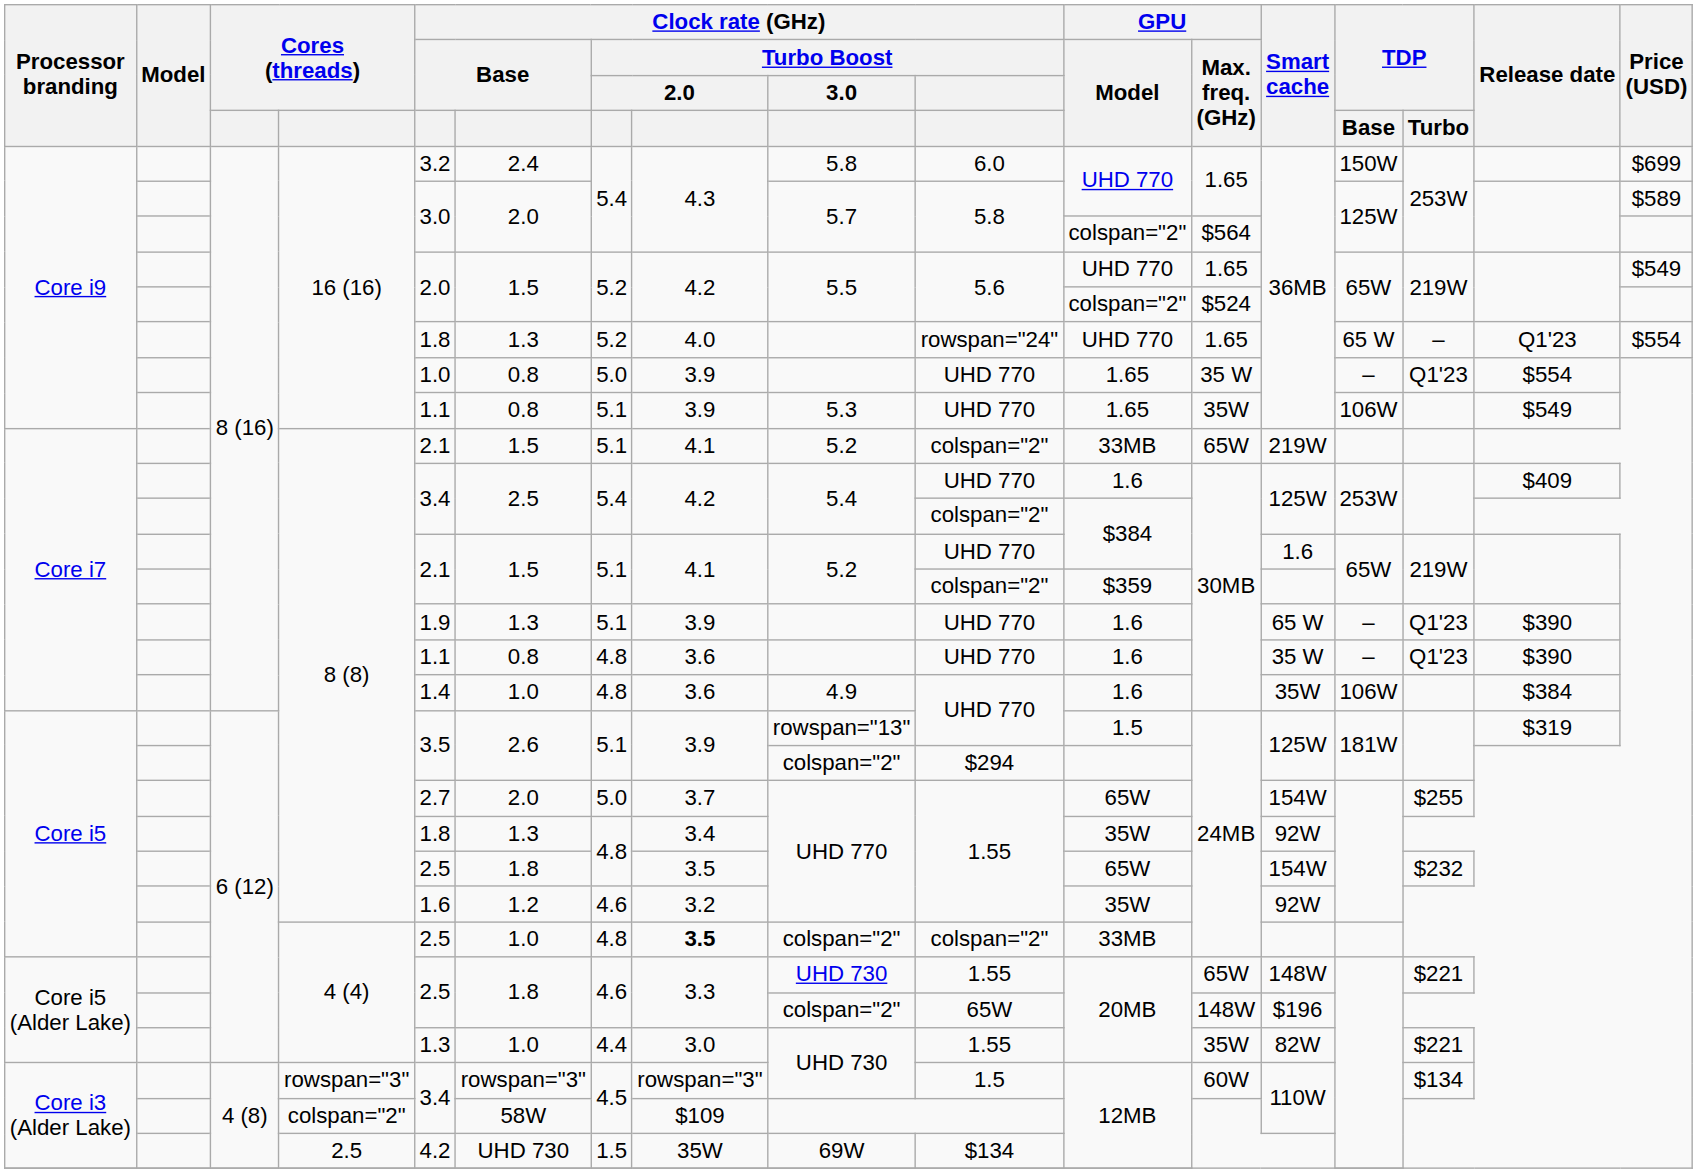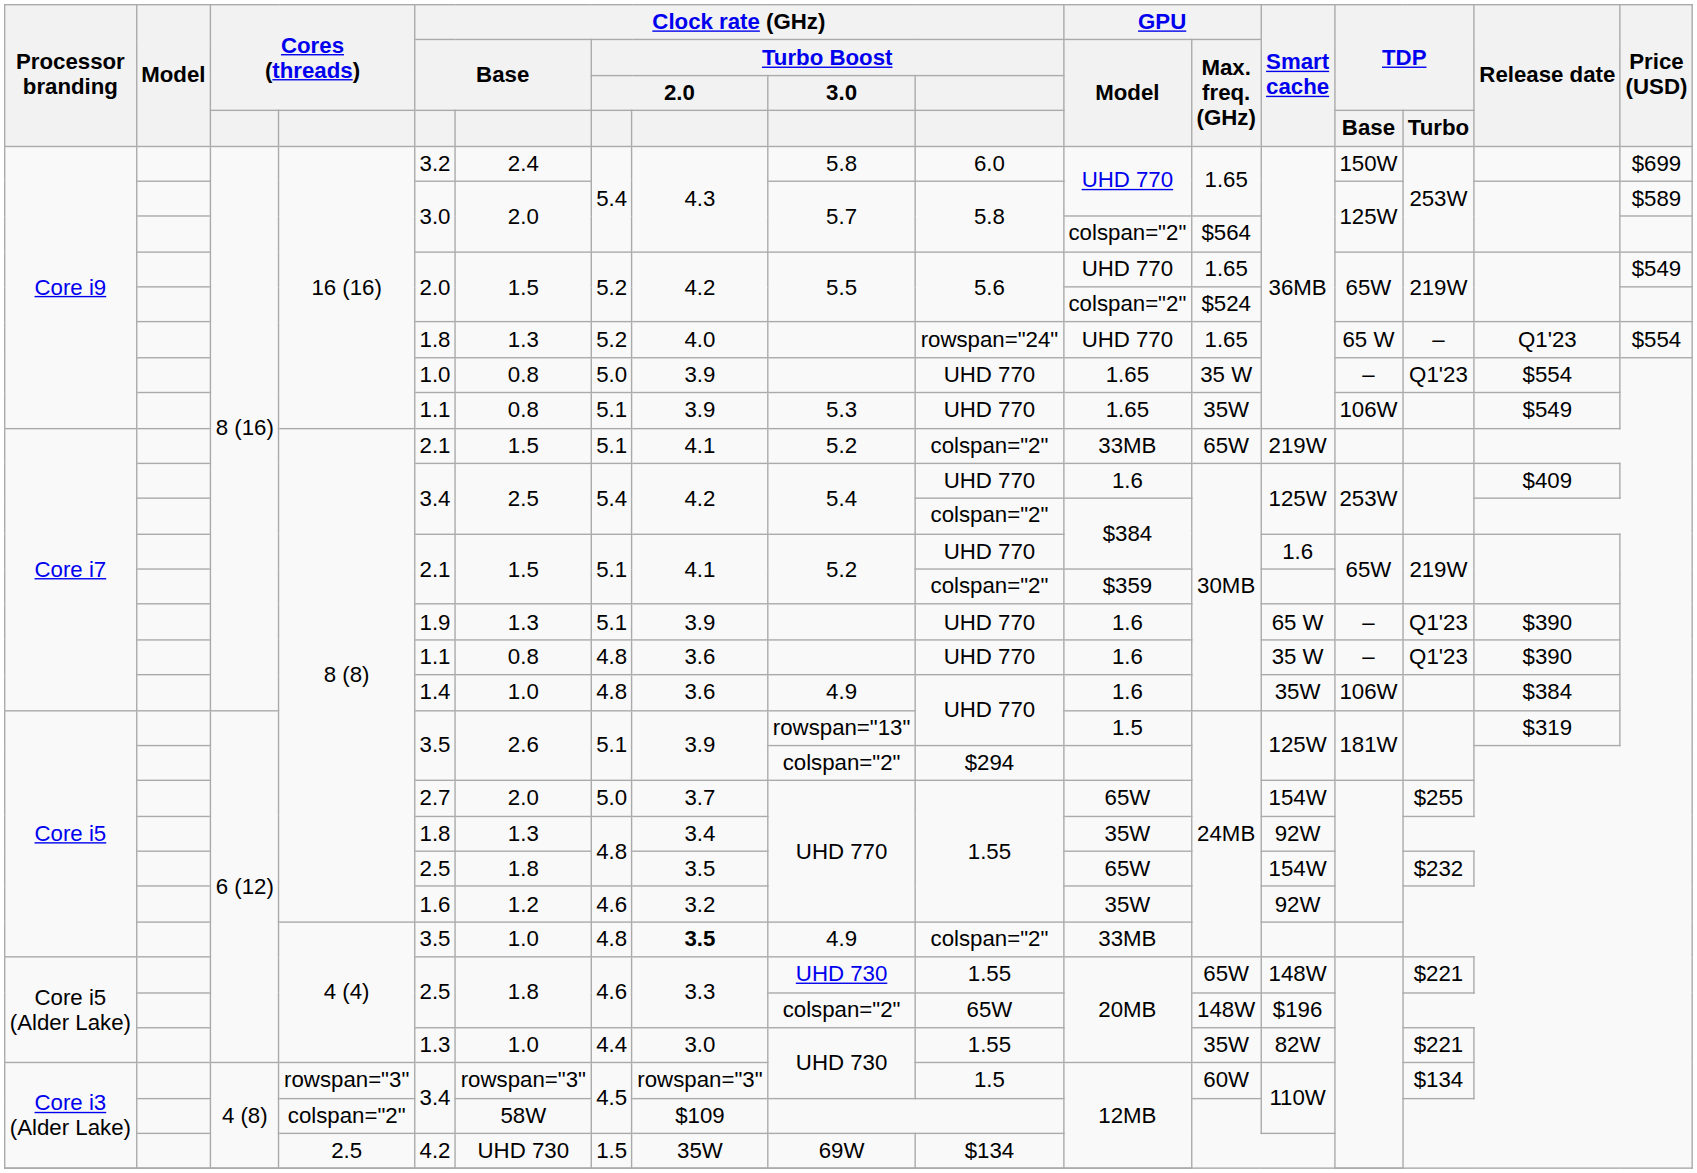 <table class="wikitable sortable" style="text-align:center;">
 <tr>
 <th rowspan="4">Processor<br>branding</th>
 <th rowspan="4">Model</th>
 <th rowspan="3" colspan="2"><a href='#'>Cores</a><br>(<a href='#'>threads</a>)</th>
 <th colspan="6"><a href='#'>Clock rate</a> (GHz)</th>
 <th colspan="2"><a href='#'>GPU</a></th>
 <th rowspan="4"><a href='#'>Smart<br>cache</a></th>
 <th colspan="2" rowspan="3"><a href='#'>TDP</a></th>
 <th rowspan="4">Release date</th>
 <th rowspan="4">Price <br>(USD)</th>
 </tr>
 <tr>
 <th rowspan="2" colspan="2">Base</th>
 <th colspan="4"><a href='#'>Turbo Boost</a></th>
 <th rowspan="3">Model</th>
 <th rowspan="3">Max. <br>freq. <br>(GHz)</th>
 </tr>
 <tr>
 <th colspan="2">2.0</th>
 <th>3.0</th>
 <th></th>
 </tr>
 <tr>
 <th></th>
 <th></th>
 <th></th>
 <th></th>
 <th></th>
 <th></th>
 <th></th>
 <th></th>
 <th>Base</th>
 <th>Turbo</th>
 </tr>
 <tr>
 <td rowspan="8"><a href='#'>Core i9</a></td>
 <td><strong></strong></td>
 <td rowspan="16">8 (16)</td>
 <td rowspan="8">16 (16)</td>
 <td>3.2</td>
 <td>2.4</td>
 <td rowspan="3">5.4</td>
 <td rowspan="3">4.3</td>
 <td>5.8</td>
 <td>6.0</td>
 <td rowspan="2"><a href='#'>UHD 770</a></td>
 <td rowspan="2">1.65</td>
 <td rowspan="8">36MB</td>
 <td>150W</td>
 <td rowspan="3">253W</td>
 <td></td>
 <td>$699</td>
 </tr>
 <tr>
 <td><strong></strong></td>
 <td rowspan="2">3.0</td>
 <td rowspan="2">2.0</td>
 <td rowspan="2">5.7</td>
 <td rowspan="2">5.8</td>
 <td rowspan="2">125W</td>
 <td rowspan="2"></td>
 <td>$589</td>
 </tr>
 <tr>
 <td></td>
 <td>colspan="2" </td>
 <td>$564</td>
 </tr>
 <tr>
 <td><strong></strong></td>
 <td rowspan="2">2.0</td>
 <td rowspan="2">1.5</td>
 <td rowspan="2">5.2</td>
 <td rowspan="2">4.2</td>
 <td rowspan="2">5.5</td>
 <td rowspan="2">5.6</td>
 <td>UHD 770</td>
 <td>1.65</td>
 <td rowspan="2">65W</td>
 <td rowspan="2">219W</td>
 <td rowspan="2"></td>
 <td>$549</td>
 </tr>
 <tr>
 <td></td>
 <td>colspan="2" </td>
 <td>$524</td>
 </tr>
 <tr>
 <td></td>
 <td>1.8</td>
 <td>1.3</td>
 <td>5.2</td>
 <td>4.0</td>
 <td></td>
 <td>rowspan="24" </td>
 <td>UHD 770</td>
 <td>1.65</td>
 <td>65 W</td>
 <td>–</td>
 <td>Q1'23</td>
 <td>$554</td>
 </tr>
 <tr>
 <td></td>
 <td>1.0</td>
 <td>0.8</td>
 <td>5.0</td>
 <td>3.9</td>
 <td></td>
 <td>UHD 770</td>
 <td>1.65</td>
 <td>35 W</td>
 <td>–</td>
 <td>Q1'23</td>
 <td>$554</td>
 </tr>
 <tr>
 <td><strong></strong></td>
 <td>1.1</td>
 <td>0.8</td>
 <td>5.1</td>
 <td>3.9</td>
 <td>5.3</td>
 <td>UHD 770</td>
 <td>1.65</td>
 <td>35W</td>
 <td>106W</td>
 <td></td>
 <td>$549</td>
 </tr>
 <tr>
 <td rowspan="8"><a href='#'>Core i7</a></td>
 <td></td>
 <td rowspan="14">8 (8)</td>
 <td>2.1</td>
 <td>1.5</td>
 <td>5.1</td>
 <td>4.1</td>
 <td>5.2</td>
 <td>colspan="2" </td>
 <td>33MB</td>
 <td>65W</td>
 <td>219W</td>
 <td></td>
 <td style="line-height:110%"></td>
 </tr>
 <tr>
 <td><strong></strong></td>
 <td rowspan="2">3.4</td>
 <td rowspan="2">2.5</td>
 <td rowspan="2">5.4</td>
 <td rowspan="2">4.2</td>
 <td rowspan="2">5.4</td>
 <td>UHD 770</td>
 <td>1.6</td>
 <td rowspan="7">30MB</td>
 <td rowspan="2">125W</td>
 <td rowspan="2">253W</td>
 <td rowspan="2"></td>
 <td>$409</td>
 </tr>
 <tr>
 <td></td>
 <td>colspan="2" </td>
 <td rowspan="2">$384</td>
 </tr>
 <tr>
 <td><strong></strong></td>
 <td rowspan="2">2.1</td>
 <td rowspan="2">1.5</td>
 <td rowspan="2">5.1</td>
 <td rowspan="2">4.1</td>
 <td rowspan="2">5.2</td>
 <td>UHD 770</td>
 <td>1.6</td>
 <td rowspan="2">65W</td>
 <td rowspan="2">219W</td>
 <td rowspan="2"></td>
 </tr>
 <tr>
 <td></td>
 <td>colspan="2" </td>
 <td>$359</td>
 </tr>
 <tr>
 <td><strong></strong></td>
 <td>1.9</td>
 <td>1.3</td>
 <td>5.1</td>
 <td>3.9</td>
 <td></td>
 <td>UHD 770</td>
 <td>1.6</td>
 <td>65 W</td>
 <td>–</td>
 <td>Q1'23</td>
 <td>$390</td>
 </tr>
 <tr>
 <td><strong></strong></td>
 <td>1.1</td>
 <td>0.8</td>
 <td>4.8</td>
 <td>3.6</td>
 <td></td>
 <td>UHD 770</td>
 <td>1.6</td>
 <td>35 W</td>
 <td>–</td>
 <td>Q1'23</td>
 <td>$390</td>
 </tr>
 <tr>
 <td><strong></strong></td>
 <td>1.4</td>
 <td>1.0</td>
 <td>4.8</td>
 <td>3.6</td>
 <td>4.9</td>
 <td rowspan="2">UHD 770</td>
 <td>1.6</td>
 <td>35W</td>
 <td>106W</td>
 <td></td>
 <td>$384</td>
 </tr>
 <tr>
 <td rowspan="7"><a href='#'>Core i5</a></td>
 <td><strong></strong></td>
 <td rowspan="10">6 (12)</td>
 <td rowspan="2">3.5</td>
 <td rowspan="2">2.6</td>
 <td rowspan="2">5.1</td>
 <td rowspan="2">3.9</td>
 <td>rowspan="13" </td>
 <td>1.5</td>
 <td rowspan="7">24MB</td>
 <td rowspan="2">125W</td>
 <td rowspan="2">181W</td>
 <td rowspan="2"></td>
 <td>$319</td>
 </tr>
 <tr>
 <td></td>
 <td>colspan="2" </td>
 <td>$294</td>
 </tr>
 <tr>
 <td><strong></strong></td>
 <td>2.7</td>
 <td>2.0</td>
 <td>5.0</td>
 <td>3.7</td>
 <td rowspan="4">UHD 770</td>
 <td rowspan="4">1.55</td>
 <td>65W</td>
 <td>154W</td>
 <td rowspan="4"></td>
 <td>$255</td>
 </tr>
 <tr>
 <td><strong></strong></td>
 <td>1.8</td>
 <td>1.3</td>
 <td rowspan="2">4.8</td>
 <td>3.4</td>
 <td>35W</td>
 <td>92W</td>
 </tr>
 <tr>
 <td><strong></strong></td>
 <td>2.5</td>
 <td>1.8</td>
 <td>3.5</td>
 <td>65W</td>
 <td>154W</td>
 <td>$232</td>
 </tr>
 <tr>
 <td><strong></strong></td>
 <td>1.6</td>
 <td>1.2</td>
 <td>4.6</td>
 <td>3.2</td>
 <td>35W</td>
 <td>92W</td>
 </tr>
 <tr>
 <td><strong></strong></td>
 <td rowspan="4">4 (4)</td>
-<td>2.5</td>
+<td>3.5</td>
 <td>1.0</td>
 <td>4.8</td>
 <td><strong>3.5</strong></td>
-<td>colspan="2" </td>
+<td>4.9</td>
 <td>colspan="2" </td>
 <td>33MB</td>
 <td></td>
 <td style="line-height:100%"></td>
 </tr>
 <tr>
 <td rowspan="3">Core i5<br>(Alder Lake)</td>
 <td></td>
 <td rowspan="2">2.5</td>
 <td rowspan="2">1.8</td>
 <td rowspan="2">4.6</td>
 <td rowspan="2">3.3</td>
 <td><a href='#'>UHD 730</a></td>
 <td>1.55</td>
 <td rowspan="3">20MB</td>
 <td>65W</td>
 <td>148W</td>
 <td rowspan="6"></td>
 <td>$221</td>
 </tr>
 <tr>
 <td></td>
 <td>colspan="2" </td>
 <td>65W</td>
 <td>148W</td>
 <td>$196</td>
 </tr>
 <tr>
 <td></td>
 <td>1.3</td>
 <td>1.0</td>
 <td>4.4</td>
 <td>3.0</td>
 <td rowspan="2">UHD 730</td>
 <td>1.55</td>
 <td>35W</td>
 <td>82W</td>
 <td>$221</td>
 </tr>
 <tr>
 <td rowspan="3"><a href='#'>Core i3</a><br>(Alder Lake)</td>
 <td></td>
 <td rowspan="3">4 (8)</td>
 <td>rowspan="3" </td>
 <td rowspan="2">3.4</td>
 <td>rowspan="3" </td>
 <td rowspan="2">4.5</td>
 <td>rowspan="3" </td>
 <td>1.5</td>
 <td rowspan="3">12MB</td>
 <td>60W</td>
 <td rowspan="2">110W</td>
 <td>$134</td>
 </tr>
 <tr>
 <td></td>
 <td>colspan="2" </td>
 <td>58W</td>
 <td>$109</td>
 </tr>
 <tr>
 <td></td>
 <td>2.5</td>
 <td>4.2</td>
 <td>UHD 730</td>
 <td>1.5</td>
 <td>35W</td>
 <td>69W</td>
 <td>$134</td>
 </tr>
 <tr>
 </tr>
 </table>
